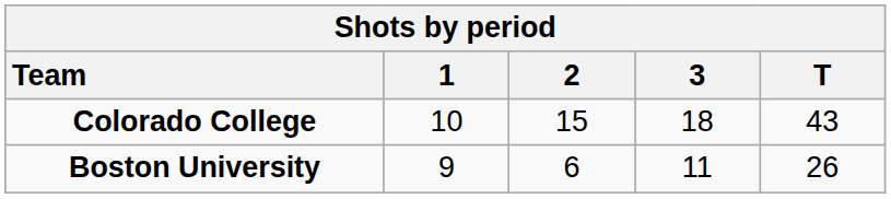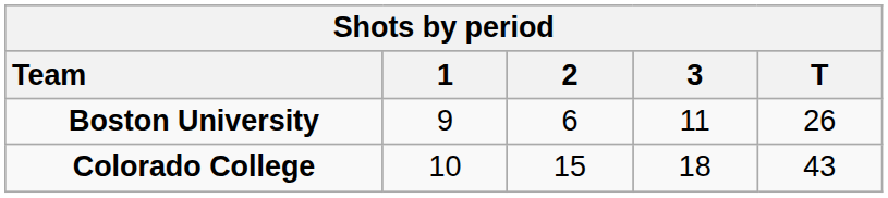 <table class="wikitable" style="width:30em; text-align:right;">
 <tr>
 <th colspan=5>Shots by period</th>
 </tr>
 <tr>
 <th style="width:10em; text-align:left;">Team</th>
 <th style="width:3em;">1</th>
 <th style="width:3em;">2</th>
 <th style="width:3em;">3</th>
 <th style="width:3em;">T</th>
 </tr>
 <tr>
+<td align=center><strong>Boston University</strong></td>
+<td align=center>9</td>
+<td align=center>6</td>
+<td align=center>11</td>
+<td align=center>26</td>
+</tr>
+<tr>
 <td align=center><strong>Colorado College</strong></td>
 <td align=center>10</td>
 <td align=center>15</td>
 <td align=center>18</td>
 <td align=center>43</td>
 </tr>
-<tr>
-<td align=center><strong>Boston University</strong></td>
-<td align=center>9</td>
-<td align=center>6</td>
-<td align=center>11</td>
-<td align=center>26</td>
-</tr>
 </table>
